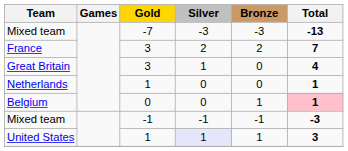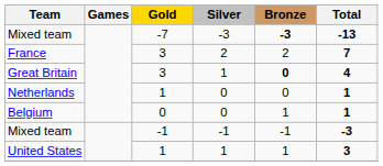 <table class="wikitable" style="text-align:center; font-size:90%;">
 <tr>
 <th>Team</th>
 <th>Games</th>
 <td style="background:gold; width:4.5em; font-weight:bold;">Gold</td>
 <td style="background:silver; width:4.5em; font-weight:bold;">Silver</td>
 <td style="background:#cc9966; width:4.5em; font-weight:bold;">Bronze</td>
 <th style="width:4.5em; font-weight:bold;">Total</th>
 </tr>
 <tr>
 <td style="text-align:left">Mixed team</td>
 <td rowspan="5"></td>
 <td>-7</td>
 <td>-3</td>
-<td>-3</td>
+<td><strong>-3</strong></td>
 <td><strong>-13</strong></td>
 </tr>
 <tr>
 <td style="text-align:left"><a href='#'>France</a></td>
 <td>3</td>
 <td>2</td>
 <td>2</td>
 <td><strong>7</strong></td>
 </tr>
 <tr>
 <td style="text-align:left"><a href='#'>Great Britain</a></td>
 <td>3</td>
 <td>1</td>
-<td>0</td>
+<td><strong>0</strong></td>
 <td><strong>4</strong></td>
 </tr>
 <tr>
 <td style="text-align:left"><a href='#'>Netherlands</a></td>
 <td>1</td>
 <td>0</td>
 <td>0</td>
 <td><strong>1</strong></td>
 </tr>
 <tr>
 <td style="text-align:left"><a href='#'>Belgium</a></td>
 <td>0</td>
 <td>0</td>
 <td>1</td>
-<td style="background: pink;"><strong>1</strong></td>
+<td><strong>1</strong></td>
 </tr>
 <tr>
 <td style="text-align:left">Mixed team</td>
 <td rowspan="2"></td>
 <td>-1</td>
 <td>-1</td>
 <td>-1</td>
 <td><strong>-3</strong></td>
 </tr>
 <tr>
 <td style="text-align:left"><a href='#'>United States</a></td>
 <td>1</td>
-<td style="background: lavender;">1</td>
+<td>1</td>
 <td>1</td>
 <td><strong>3</strong></td>
 </tr>
 <tr>
 </tr>
 </table>
